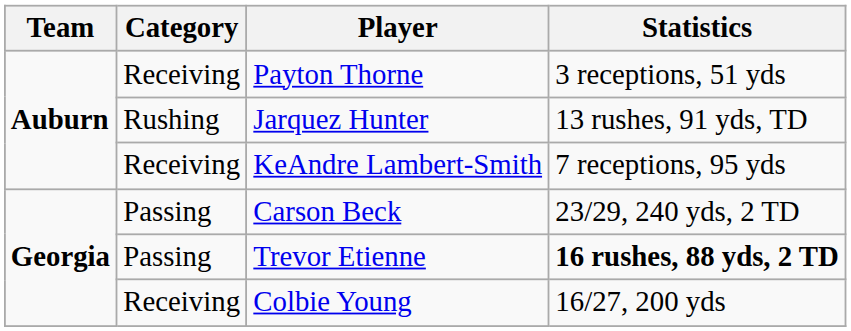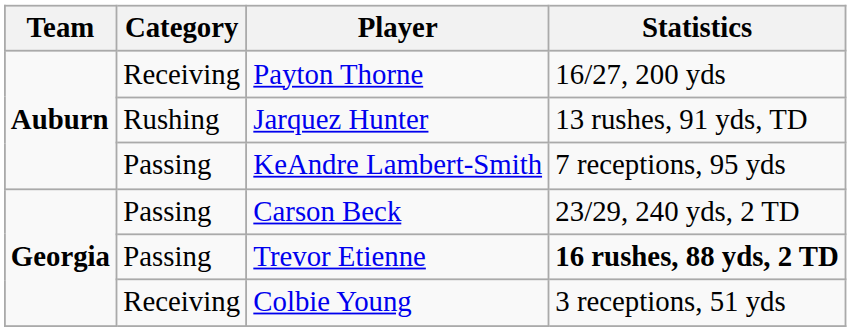 <table class="wikitable" style="float: right;">
 <tr>
 <th>Team</th>
 <th>Category</th>
 <th>Player</th>
 <th>Statistics</th>
 </tr>
 <tr>
 <td rowspan=3><strong>Auburn</strong></td>
 <td>Receiving</td>
 <td><a href='#'>Payton Thorne</a></td>
-<td>3 receptions, 51 yds</td>
+<td>16/27, 200 yds</td>
 </tr>
 <tr>
 <td>Rushing</td>
 <td><a href='#'>Jarquez Hunter</a></td>
 <td>13 rushes, 91 yds, TD</td>
 </tr>
 <tr>
-<td>Receiving</td>
+<td>Passing</td>
 <td><a href='#'>KeAndre Lambert-Smith</a></td>
 <td>7 receptions, 95 yds</td>
 </tr>
 <tr>
 <td rowspan=3><strong>Georgia</strong></td>
 <td>Passing</td>
 <td><a href='#'>Carson Beck</a></td>
 <td>23/29, 240 yds, 2 TD</td>
 </tr>
 <tr>
 <td>Passing</td>
 <td><a href='#'>Trevor Etienne</a></td>
 <td><strong>16 rushes, 88 yds, 2 TD</strong></td>
 </tr>
 <tr>
 <td>Receiving</td>
 <td><a href='#'>Colbie Young</a></td>
-<td>16/27, 200 yds</td>
+<td>3 receptions, 51 yds</td>
 </tr>
 </table>
